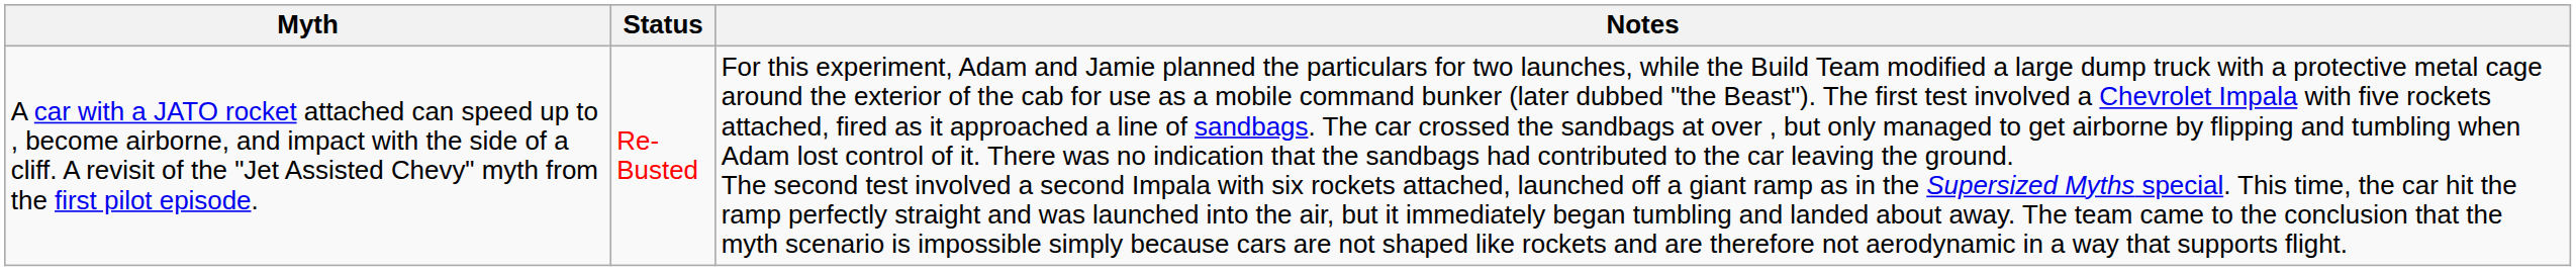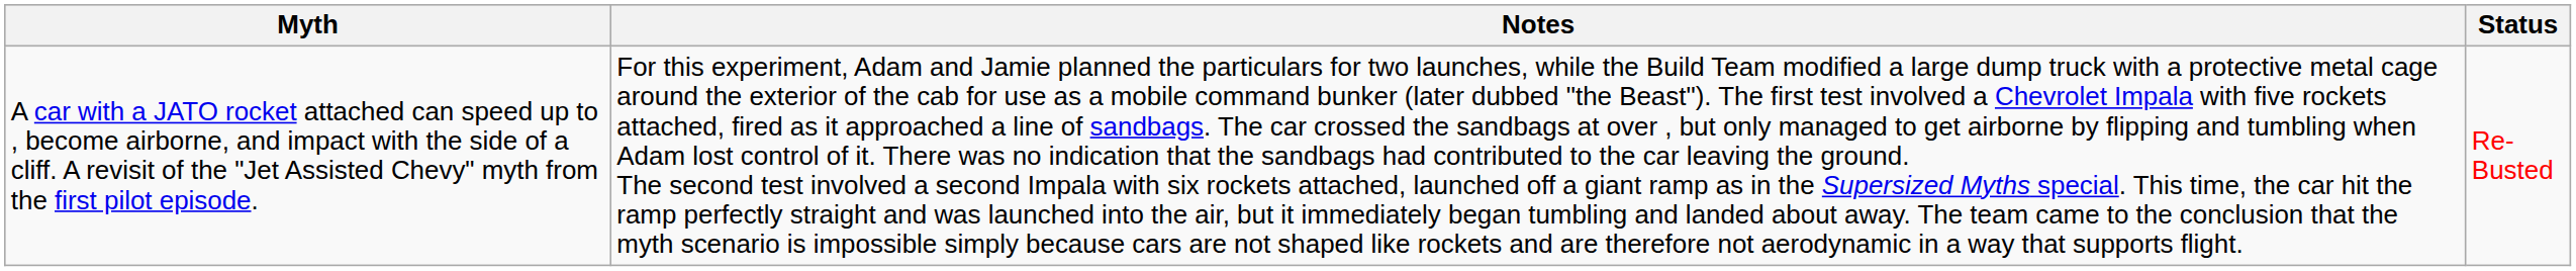 <table class="wikitable plainrowheaders">
 <tr>
 <th scope"col">Myth</th>
+<th scope"col">Notes</th>
 <th scope"col">Status</th>
-<th scope"col">Notes</th>
 </tr>
 <tr>
 <td scope"row">A <a href='#'>car with a JATO rocket</a> attached can speed up to , become airborne, and impact with the side of a cliff. A revisit of the "Jet Assisted Chevy" myth from the <a href='#'>first pilot episode</a>.</td>
+<td>For this experiment, Adam and Jamie planned the particulars for two launches, while the Build Team modified a large dump truck with a protective metal cage around the exterior of the cab for use as a mobile command bunker (later dubbed "the Beast"). The first test involved a <a href='#'>Chevrolet Impala</a> with five rockets attached, fired as it approached a line of  <a href='#'>sandbags</a>. The car crossed the sandbags at over , but only managed to get airborne by flipping and tumbling when Adam lost control of it. There was no indication that the sandbags had contributed to the car leaving the ground.<br>The second test involved a second Impala with six rockets attached, launched off a giant ramp as in the <a href='#'><em>Supersized Myths</em> special</a>. This time, the car hit the ramp perfectly straight and was launched into the air, but it immediately began tumbling and landed about  away. The team came to the conclusion that the myth scenario is impossible simply because cars are not shaped like rockets and are therefore not aerodynamic in a way that supports flight.</td>
 <td style="color:red">Re-Busted</td>
-<td>For this experiment, Adam and Jamie planned the particulars for two launches, while the Build Team modified a large dump truck with a protective metal cage around the exterior of the cab for use as a mobile command bunker (later dubbed "the Beast"). The first test involved a <a href='#'>Chevrolet Impala</a> with five rockets attached, fired as it approached a line of  <a href='#'>sandbags</a>. The car crossed the sandbags at over , but only managed to get airborne by flipping and tumbling when Adam lost control of it. There was no indication that the sandbags had contributed to the car leaving the ground.<br>The second test involved a second Impala with six rockets attached, launched off a giant ramp as in the <a href='#'><em>Supersized Myths</em> special</a>. This time, the car hit the ramp perfectly straight and was launched into the air, but it immediately began tumbling and landed about  away. The team came to the conclusion that the myth scenario is impossible simply because cars are not shaped like rockets and are therefore not aerodynamic in a way that supports flight.</td>
 </tr>
 </table>
